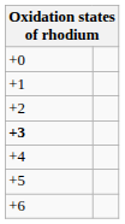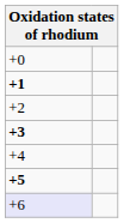 <table class="wikitable" style="float: right; margin: 0; margin-left: 1em;">
 <tr>
 <th colspan=2>Oxidation states<br>of rhodium</th>
 </tr>
 <tr>
 <td>+0</td>
 <td></td>
 </tr>
 <tr>
-<td>+1</td>
+<td><strong>+1</strong></td>
 <td></td>
 </tr>
 <tr>
 <td>+2</td>
 <td></td>
 </tr>
 <tr>
 <td><strong>+3</strong></td>
 <td></td>
 </tr>
 <tr>
 <td>+4</td>
 <td></td>
 </tr>
 <tr>
-<td>+5</td>
+<td><strong>+5</strong></td>
 <td></td>
 </tr>
 <tr>
-<td>+6</td>
+<td style="background: lavender;">+6</td>
 <td></td>
 </tr>
 </table>
